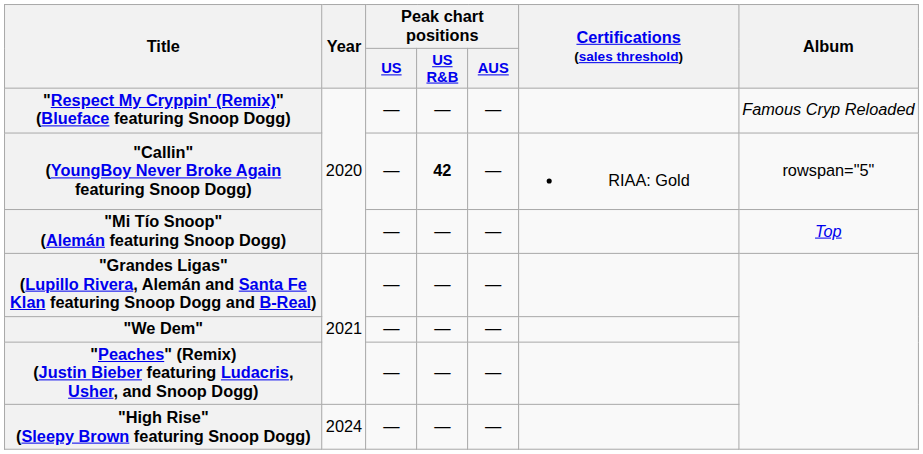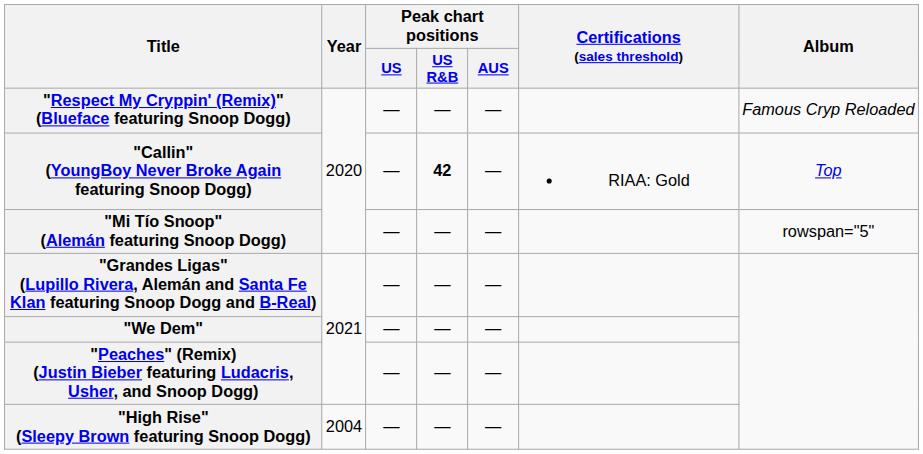 <table class="wikitable plainrowheaders" style="text-align:center;">
 <tr>
 <th scope="col" rowspan="2" style="width:19em;">Title</th>
 <th scope="col" rowspan="2">Year</th>
 <th scope="col" colspan="3">Peak chart positions</th>
 <th scope="col" rowspan="2" style="width:13em;"><a href='#'>Certifications</a><br><small>(<a href='#'>sales threshold</a>)</small></th>
 <th scope="col" rowspan="2">Album</th>
 </tr>
 <tr>
 <th scope="col" style="width:3em; font-size:90%"><a href='#'>US</a><br></th>
 <th scope="col" style="width:3em; font-size:90%"><a href='#'>US<br>R&B</a><br></th>
 <th scope="col" style="width:3em; font-size:90%"><a href='#'>AUS</a><br></th>
 </tr>
 <tr>
 <th scope="row">"<a href='#'>Respect My Cryppin' (Remix)</a>"<br><span>(<a href='#'>Blueface</a> featuring Snoop Dogg)</span></th>
 <td rowspan="3">2020</td>
 <td>—</td>
 <td>—</td>
 <td>—</td>
 <td></td>
 <td><em>Famous Cryp Reloaded</em></td>
 </tr>
 <tr>
 <th scope="row">"Callin"<br><span>(<a href='#'>YoungBoy Never Broke Again</a> featuring Snoop Dogg)</span></th>
 <td>—</td>
 <td><strong>42</strong></td>
 <td>—</td>
 <td><br><ul><li>RIAA: Gold</li></ul></td>
-<td>rowspan="5" </td>
+<td><em><a href='#'>Top</a></em></td>
 </tr>
 <tr>
 <th scope="row">"Mi Tío Snoop"<br><span>(<a href='#'>Alemán</a> featuring Snoop Dogg)</span></th>
 <td>—</td>
 <td>—</td>
 <td>—</td>
 <td></td>
-<td><em><a href='#'>Top</a></em></td>
+<td>rowspan="5" </td>
 </tr>
 <tr>
 <th scope="row">"Grandes Ligas"<br><span>(<a href='#'>Lupillo Rivera</a>, Alemán and <a href='#'>Santa Fe Klan</a> featuring Snoop Dogg and <a href='#'>B-Real</a>)</span></th>
 <td rowspan="3">2021</td>
 <td>—</td>
 <td>—</td>
 <td>—</td>
 <td></td>
 </tr>
 <tr>
 <th scope="row">"We Dem"<br></th>
 <td>—</td>
 <td>—</td>
 <td>—</td>
 <td></td>
 </tr>
 <tr>
 <th scope="row">"<a href='#'>Peaches</a>" (Remix)<br><span>(<a href='#'>Justin Bieber</a> featuring <a href='#'>Ludacris</a>, <a href='#'>Usher</a>, and Snoop Dogg)</span></th>
 <td>—</td>
 <td>—</td>
 <td>—</td>
 <td></td>
 </tr>
 <tr>
 <th scope="row">"High Rise"<br><span>(<a href='#'>Sleepy Brown</a> featuring Snoop Dogg)</span></th>
-<td>2024</td>
+<td>2004</td>
 <td>—</td>
 <td>—</td>
 <td>—</td>
 <td></td>
 </tr>
 </table>
